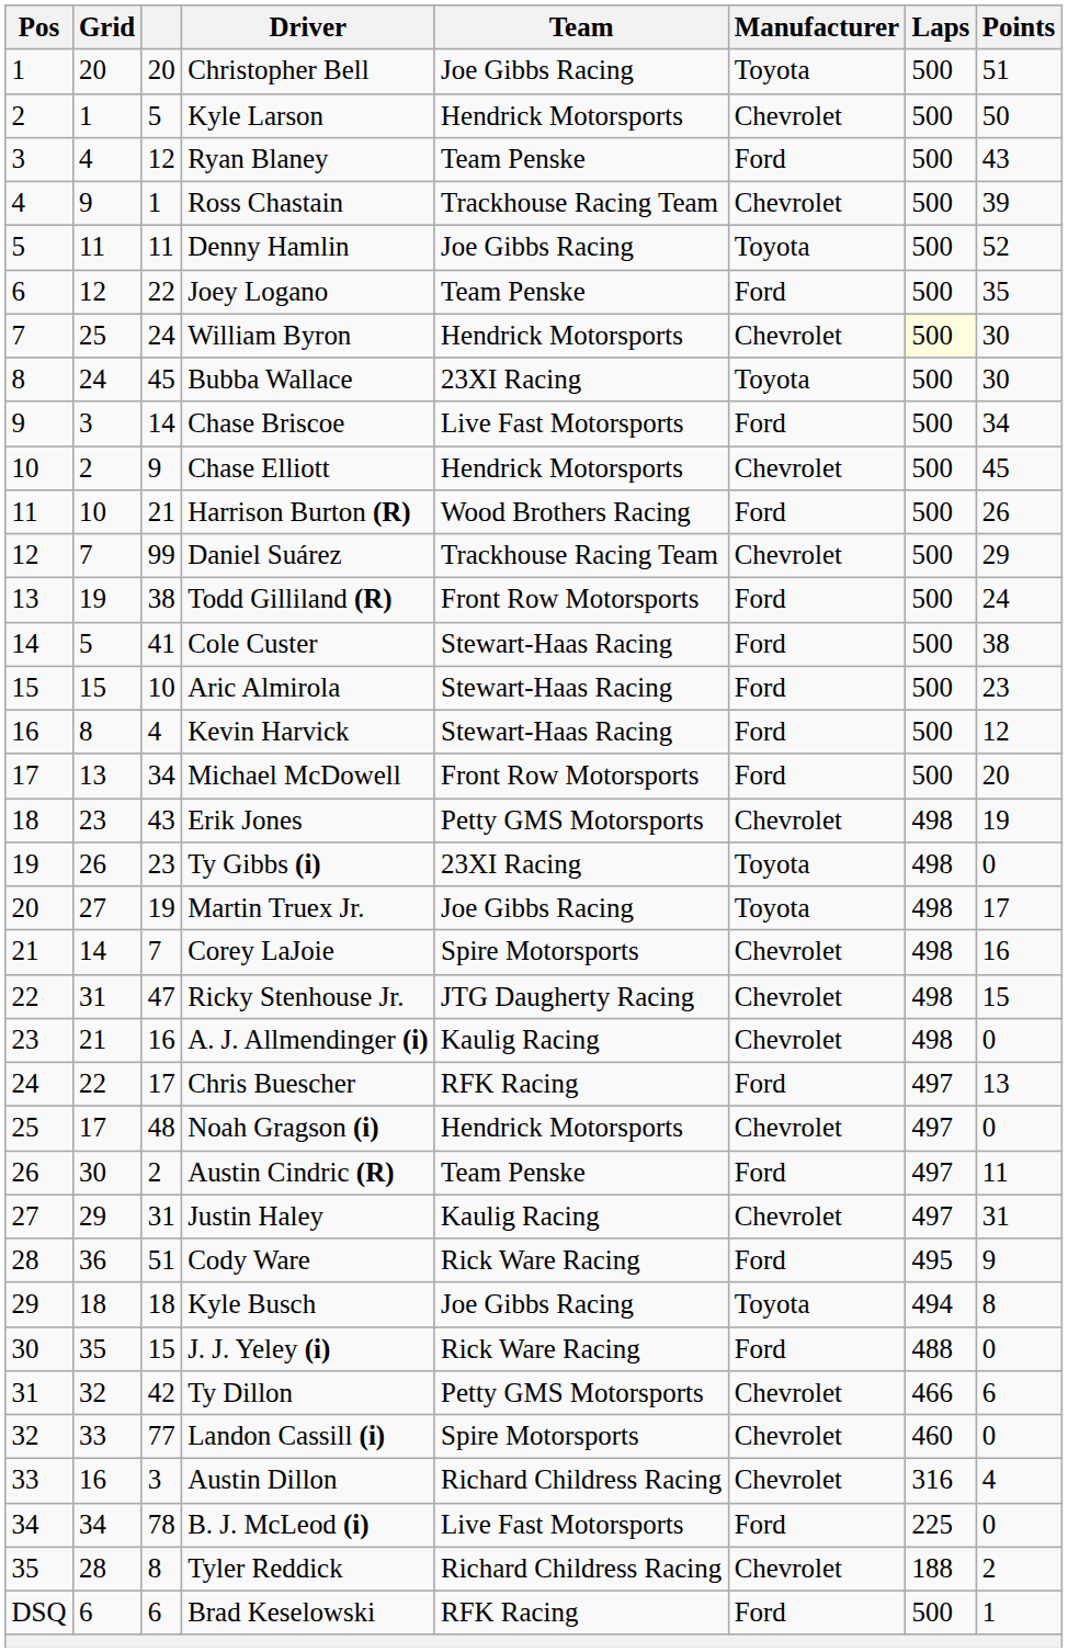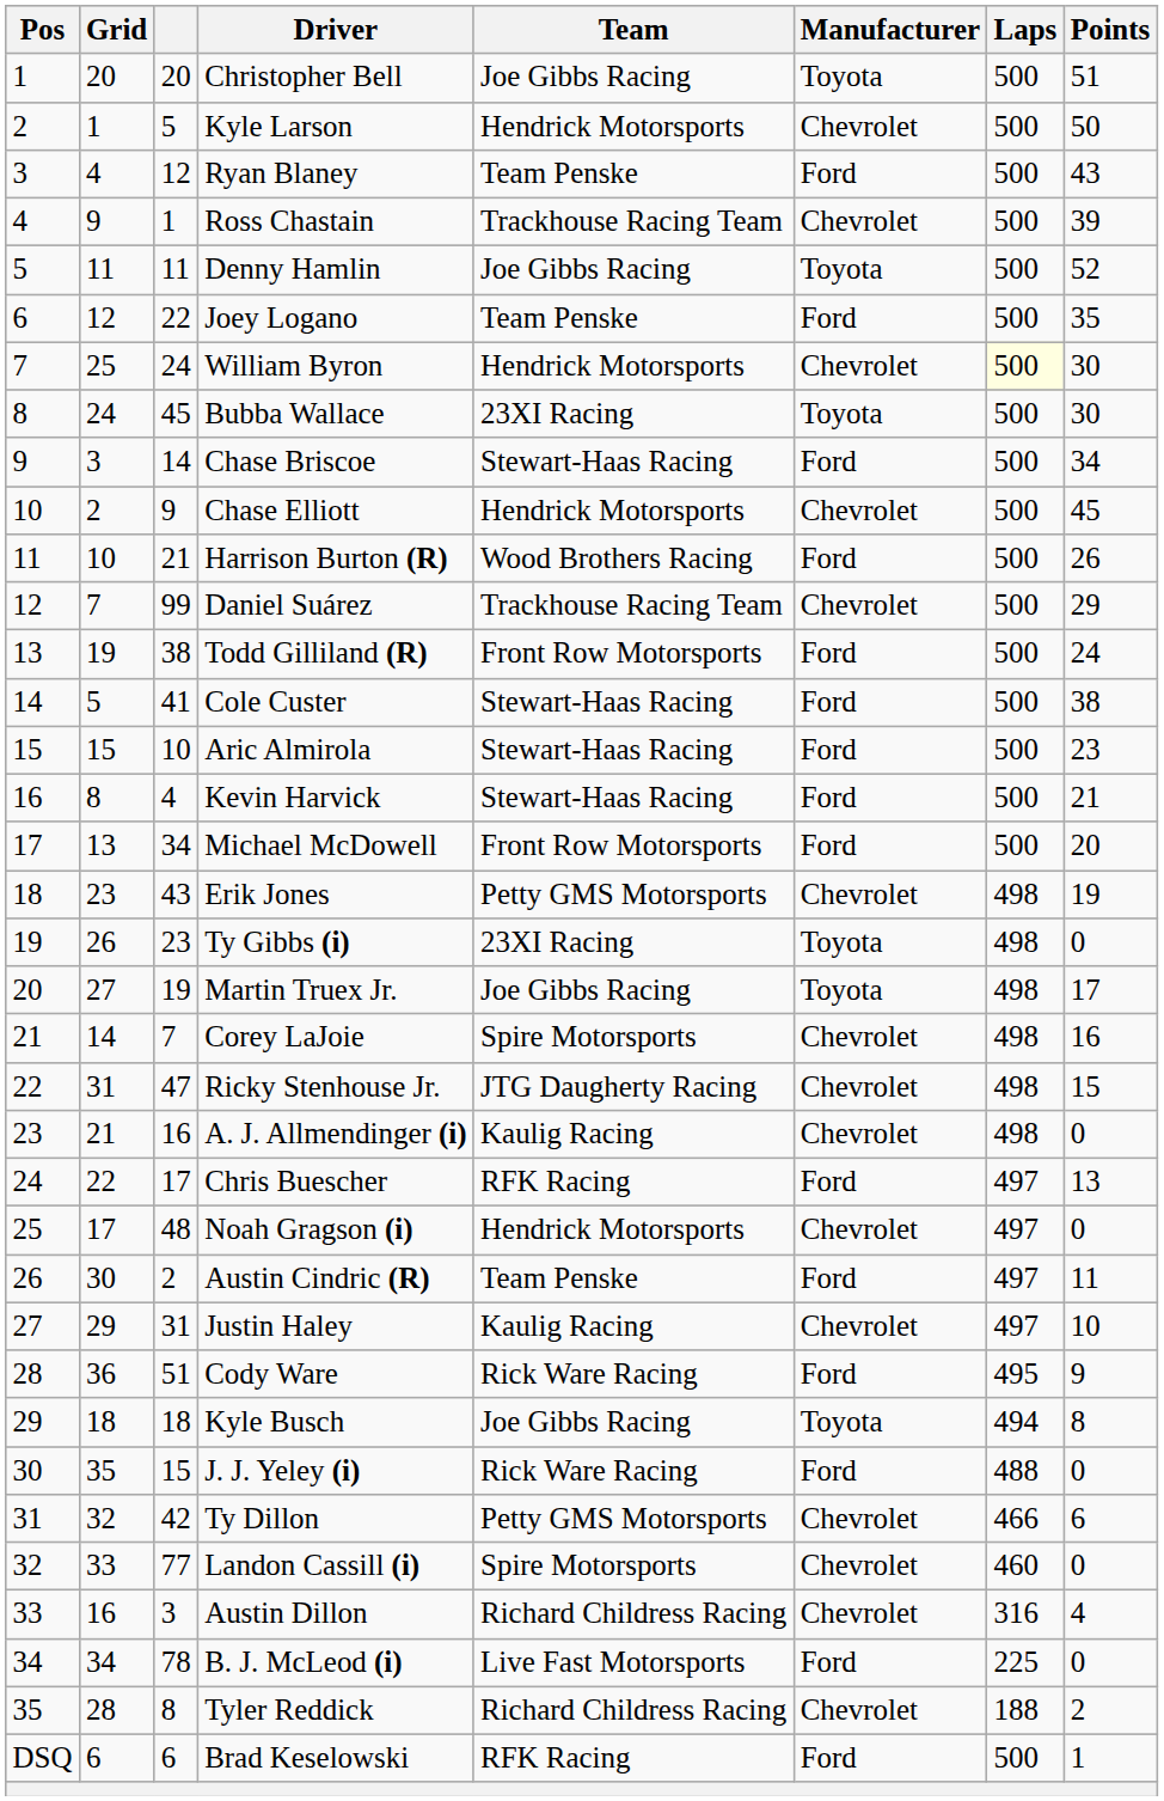 <table class="wikitable" style="font-size:98%">
 <tr>
 <th>Pos</th>
 <th>Grid</th>
 <th></th>
 <th>Driver</th>
 <th>Team</th>
 <th>Manufacturer</th>
 <th>Laps</th>
 <th>Points</th>
 </tr>
 <tr>
 <td>1</td>
 <td>20</td>
 <td>20</td>
 <td>Christopher Bell</td>
 <td>Joe Gibbs Racing</td>
 <td>Toyota</td>
 <td>500</td>
 <td>51</td>
 </tr>
 <tr>
 <td>2</td>
 <td>1</td>
 <td>5</td>
 <td>Kyle Larson</td>
 <td>Hendrick Motorsports</td>
 <td>Chevrolet</td>
 <td>500</td>
 <td>50</td>
 </tr>
 <tr>
 <td>3</td>
 <td>4</td>
 <td>12</td>
 <td>Ryan Blaney</td>
 <td>Team Penske</td>
 <td>Ford</td>
 <td>500</td>
 <td>43</td>
 </tr>
 <tr>
 <td>4</td>
 <td>9</td>
 <td>1</td>
 <td>Ross Chastain</td>
 <td>Trackhouse Racing Team</td>
 <td>Chevrolet</td>
 <td>500</td>
 <td>39</td>
 </tr>
 <tr>
 <td>5</td>
 <td>11</td>
 <td>11</td>
 <td>Denny Hamlin</td>
 <td>Joe Gibbs Racing</td>
 <td>Toyota</td>
 <td>500</td>
 <td>52</td>
 </tr>
 <tr>
 <td>6</td>
 <td>12</td>
 <td>22</td>
 <td>Joey Logano</td>
 <td>Team Penske</td>
 <td>Ford</td>
 <td>500</td>
 <td>35</td>
 </tr>
 <tr>
 <td>7</td>
 <td>25</td>
 <td>24</td>
 <td>William Byron</td>
 <td>Hendrick Motorsports</td>
 <td>Chevrolet</td>
 <td style="background: lightyellow;">500</td>
 <td>30</td>
 </tr>
 <tr>
 <td>8</td>
 <td>24</td>
 <td>45</td>
 <td>Bubba Wallace</td>
 <td>23XI Racing</td>
 <td>Toyota</td>
 <td>500</td>
 <td>30</td>
 </tr>
 <tr>
 <td>9</td>
 <td>3</td>
 <td>14</td>
 <td>Chase Briscoe</td>
-<td>Live Fast Motorsports</td>
+<td>Stewart-Haas Racing</td>
 <td>Ford</td>
 <td>500</td>
 <td>34</td>
 </tr>
 <tr>
 <td>10</td>
 <td>2</td>
 <td>9</td>
 <td>Chase Elliott</td>
 <td>Hendrick Motorsports</td>
 <td>Chevrolet</td>
 <td>500</td>
 <td>45</td>
 </tr>
 <tr>
 <td>11</td>
 <td>10</td>
 <td>21</td>
 <td>Harrison Burton <strong>(R)</strong></td>
 <td>Wood Brothers Racing</td>
 <td>Ford</td>
 <td>500</td>
 <td>26</td>
 </tr>
 <tr>
 <td>12</td>
 <td>7</td>
 <td>99</td>
 <td>Daniel Suárez</td>
 <td>Trackhouse Racing Team</td>
 <td>Chevrolet</td>
 <td>500</td>
 <td>29</td>
 </tr>
 <tr>
 <td>13</td>
 <td>19</td>
 <td>38</td>
 <td>Todd Gilliland <strong>(R)</strong></td>
 <td>Front Row Motorsports</td>
 <td>Ford</td>
 <td>500</td>
 <td>24</td>
 </tr>
 <tr>
 <td>14</td>
 <td>5</td>
 <td>41</td>
 <td>Cole Custer</td>
 <td>Stewart-Haas Racing</td>
 <td>Ford</td>
 <td>500</td>
 <td>38</td>
 </tr>
 <tr>
 <td>15</td>
 <td>15</td>
 <td>10</td>
 <td>Aric Almirola</td>
 <td>Stewart-Haas Racing</td>
 <td>Ford</td>
 <td>500</td>
 <td>23</td>
 </tr>
 <tr>
 <td>16</td>
 <td>8</td>
 <td>4</td>
 <td>Kevin Harvick</td>
 <td>Stewart-Haas Racing</td>
 <td>Ford</td>
 <td>500</td>
-<td>12</td>
+<td>21</td>
 </tr>
 <tr>
 <td>17</td>
 <td>13</td>
 <td>34</td>
 <td>Michael McDowell</td>
 <td>Front Row Motorsports</td>
 <td>Ford</td>
 <td>500</td>
 <td>20</td>
 </tr>
 <tr>
 <td>18</td>
 <td>23</td>
 <td>43</td>
 <td>Erik Jones</td>
 <td>Petty GMS Motorsports</td>
 <td>Chevrolet</td>
 <td>498</td>
 <td>19</td>
 </tr>
 <tr>
 <td>19</td>
 <td>26</td>
 <td>23</td>
 <td>Ty Gibbs <strong>(i)</strong></td>
 <td>23XI Racing</td>
 <td>Toyota</td>
 <td>498</td>
 <td>0</td>
 </tr>
 <tr>
 <td>20</td>
 <td>27</td>
 <td>19</td>
 <td>Martin Truex Jr.</td>
 <td>Joe Gibbs Racing</td>
 <td>Toyota</td>
 <td>498</td>
 <td>17</td>
 </tr>
 <tr>
 <td>21</td>
 <td>14</td>
 <td>7</td>
 <td>Corey LaJoie</td>
 <td>Spire Motorsports</td>
 <td>Chevrolet</td>
 <td>498</td>
 <td>16</td>
 </tr>
 <tr>
 <td>22</td>
 <td>31</td>
 <td>47</td>
 <td>Ricky Stenhouse Jr.</td>
 <td>JTG Daugherty Racing</td>
 <td>Chevrolet</td>
 <td>498</td>
 <td>15</td>
 </tr>
 <tr>
 <td>23</td>
 <td>21</td>
 <td>16</td>
 <td>A. J. Allmendinger <strong>(i)</strong></td>
 <td>Kaulig Racing</td>
 <td>Chevrolet</td>
 <td>498</td>
 <td>0</td>
 </tr>
 <tr>
 <td>24</td>
 <td>22</td>
 <td>17</td>
 <td>Chris Buescher</td>
 <td>RFK Racing</td>
 <td>Ford</td>
 <td>497</td>
 <td>13</td>
 </tr>
 <tr>
 <td>25</td>
 <td>17</td>
 <td>48</td>
 <td>Noah Gragson <strong>(i)</strong></td>
 <td>Hendrick Motorsports</td>
 <td>Chevrolet</td>
 <td>497</td>
 <td>0</td>
 </tr>
 <tr>
 <td>26</td>
 <td>30</td>
 <td>2</td>
 <td>Austin Cindric <strong>(R)</strong></td>
 <td>Team Penske</td>
 <td>Ford</td>
 <td>497</td>
 <td>11</td>
 </tr>
 <tr>
 <td>27</td>
 <td>29</td>
 <td>31</td>
 <td>Justin Haley</td>
 <td>Kaulig Racing</td>
 <td>Chevrolet</td>
 <td>497</td>
-<td>31</td>
+<td>10</td>
 </tr>
 <tr>
 <td>28</td>
 <td>36</td>
 <td>51</td>
 <td>Cody Ware</td>
 <td>Rick Ware Racing</td>
 <td>Ford</td>
 <td>495</td>
 <td>9</td>
 </tr>
 <tr>
 <td>29</td>
 <td>18</td>
 <td>18</td>
 <td>Kyle Busch</td>
 <td>Joe Gibbs Racing</td>
 <td>Toyota</td>
 <td>494</td>
 <td>8</td>
 </tr>
 <tr>
 <td>30</td>
 <td>35</td>
 <td>15</td>
 <td>J. J. Yeley <strong>(i)</strong></td>
 <td>Rick Ware Racing</td>
 <td>Ford</td>
 <td>488</td>
 <td>0</td>
 </tr>
 <tr>
 <td>31</td>
 <td>32</td>
 <td>42</td>
 <td>Ty Dillon</td>
 <td>Petty GMS Motorsports</td>
 <td>Chevrolet</td>
 <td>466</td>
 <td>6</td>
 </tr>
 <tr>
 <td>32</td>
 <td>33</td>
 <td>77</td>
 <td>Landon Cassill <strong>(i)</strong></td>
 <td>Spire Motorsports</td>
 <td>Chevrolet</td>
 <td>460</td>
 <td>0</td>
 </tr>
 <tr>
 <td>33</td>
 <td>16</td>
 <td>3</td>
 <td>Austin Dillon</td>
 <td>Richard Childress Racing</td>
 <td>Chevrolet</td>
 <td>316</td>
 <td>4</td>
 </tr>
 <tr>
 <td>34</td>
 <td>34</td>
 <td>78</td>
 <td>B. J. McLeod <strong>(i)</strong></td>
 <td>Live Fast Motorsports</td>
 <td>Ford</td>
 <td>225</td>
 <td>0</td>
 </tr>
 <tr>
 <td>35</td>
 <td>28</td>
 <td>8</td>
 <td>Tyler Reddick</td>
 <td>Richard Childress Racing</td>
 <td>Chevrolet</td>
 <td>188</td>
 <td>2</td>
 </tr>
 <tr>
 <td>DSQ</td>
 <td>6</td>
 <td>6</td>
 <td>Brad Keselowski</td>
 <td>RFK Racing</td>
 <td>Ford</td>
 <td>500</td>
 <td>1</td>
 </tr>
 <tr>
 <th colspan="8"></th>
 </tr>
 </table>
